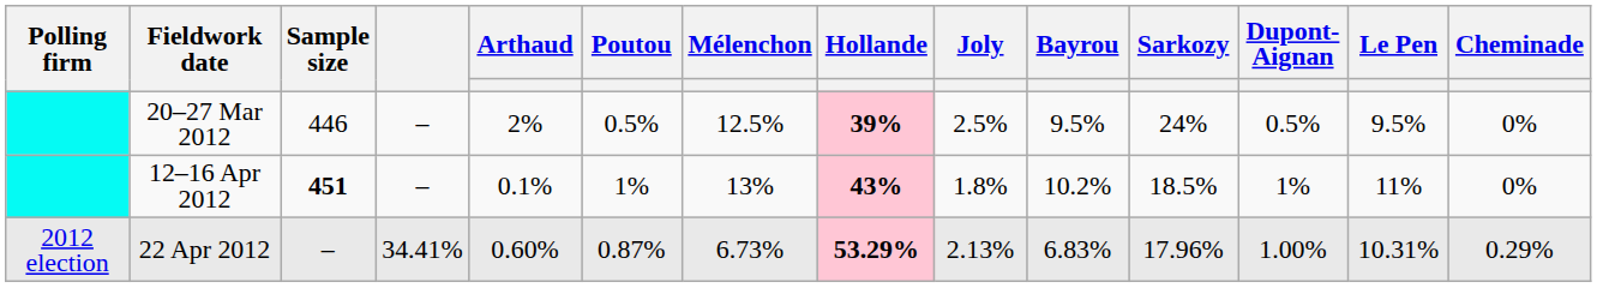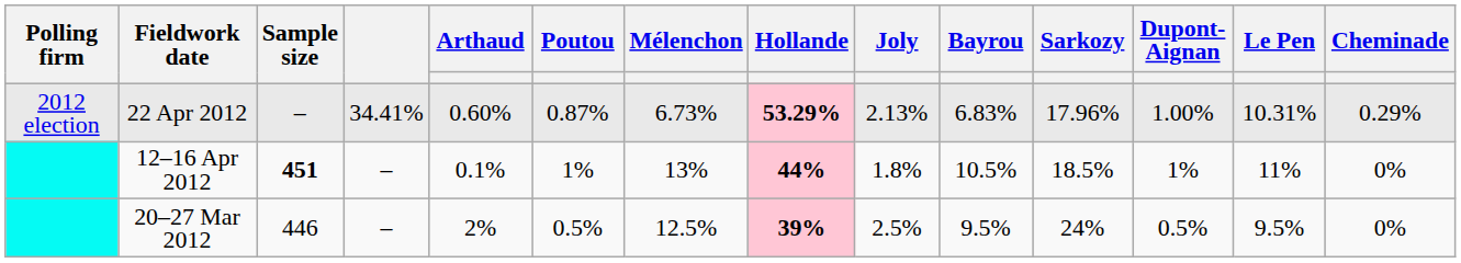 <table class="wikitable sortable" style="text-align:center;font-size:90%;line-height:14px;">
 <tr style="height:40px;">
 <th style="width:100px;" rowspan="2">Polling firm</th>
 <th style="width:110px;" rowspan="2">Fieldwork date</th>
 <th style="width:35px;" rowspan="2">Sample<br>size</th>
 <th style="width:30px;" rowspan="2"></th>
 <th class="unsortable" style="width:60px;"><a href='#'>Arthaud</a><br></th>
 <th class="unsortable" style="width:60px;"><a href='#'>Poutou</a><br></th>
 <th class="unsortable" style="width:60px;"><a href='#'>Mélenchon</a><br></th>
 <th class="unsortable" style="width:60px;"><a href='#'>Hollande</a><br></th>
 <th class="unsortable" style="width:60px;"><a href='#'>Joly</a><br></th>
 <th class="unsortable" style="width:60px;"><a href='#'>Bayrou</a><br></th>
 <th class="unsortable" style="width:60px;"><a href='#'>Sarkozy</a><br></th>
 <th class="unsortable" style="width:60px;"><a href='#'>Dupont-Aignan</a><br></th>
 <th class="unsortable" style="width:60px;"><a href='#'>Le Pen</a><br></th>
 <th class="unsortable" style="width:60px;"><a href='#'>Cheminade</a><br></th>
 </tr>
 <tr>
 <th style="background:"></th>
 <th style="background:"></th>
 <th style="background:"></th>
 <th style="background:"></th>
 <th style="background:"></th>
 <th style="background:"></th>
 <th style="background:"></th>
 <th style="background:"></th>
 <th style="background:"></th>
 <th style="background:"></th>
 </tr>
+<tr style="background:#E9E9E9;">
+<td><a href='#'>2012 election</a></td>
+<td data-sort-value="2012-04-22">22 Apr 2012</td>
+<td>–</td>
+<td>34.41%</td>
+<td>0.60%</td>
+<td>0.87%</td>
+<td>6.73%</td>
+<td style="background:#FFC6D5;"><strong>53.29%</strong></td>
+<td>2.13%</td>
+<td>6.83%</td>
+<td>17.96%</td>
+<td>1.00%</td>
+<td>10.31%</td>
+<td>0.29%</td>
+</tr>
+<tr>
+<td style="background:#04FBF4;"></td>
+<td data-sort-value="2012-04-16">12–16 Apr 2012</td>
+<td><strong>451</strong></td>
+<td>–</td>
+<td>0.1%</td>
+<td>1%</td>
+<td>13%</td>
+<td style="background:#FFC6D5;"><strong>44%</strong></td>
+<td>1.8%</td>
+<td>10.5%</td>
+<td>18.5%</td>
+<td>1%</td>
+<td>11%</td>
+<td>0%</td>
+</tr>
 <tr>
 <td style="background:#04FBF4;"> </td>
 <td data-sort-value="2012-03-27">20–27 Mar 2012</td>
 <td>446</td>
 <td>–</td>
 <td>2%</td>
 <td>0.5%</td>
 <td>12.5%</td>
 <td style="background:#FFC6D5;"><strong>39%</strong></td>
 <td>2.5%</td>
 <td>9.5%</td>
 <td>24%</td>
 <td>0.5%</td>
 <td>9.5%</td>
 <td>0%</td>
 </tr>
-<tr>
-<td style="background:#04FBF4;"></td>
-<td data-sort-value="2012-04-16">12–16 Apr 2012</td>
-<td><strong>451</strong></td>
-<td>–</td>
-<td>0.1%</td>
-<td>1%</td>
-<td>13%</td>
-<td style="background:#FFC6D5;"><strong>43%</strong></td>
-<td>1.8%</td>
-<td>10.2%</td>
-<td>18.5%</td>
-<td>1%</td>
-<td>11%</td>
-<td>0%</td>
-</tr>
-<tr style="background:#E9E9E9;">
-<td><a href='#'>2012 election</a></td>
-<td data-sort-value="2012-04-22">22 Apr 2012</td>
-<td>–</td>
-<td>34.41%</td>
-<td>0.60%</td>
-<td>0.87%</td>
-<td>6.73%</td>
-<td style="background:#FFC6D5;"><strong>53.29%</strong></td>
-<td>2.13%</td>
-<td>6.83%</td>
-<td>17.96%</td>
-<td>1.00%</td>
-<td>10.31%</td>
-<td>0.29%</td>
-</tr>
 </table>
